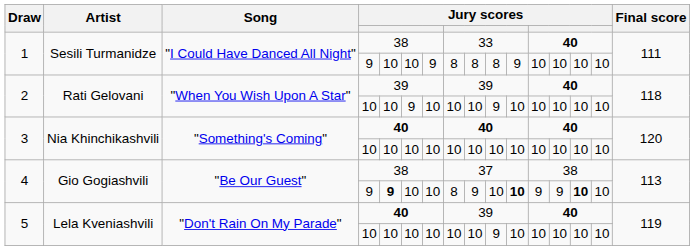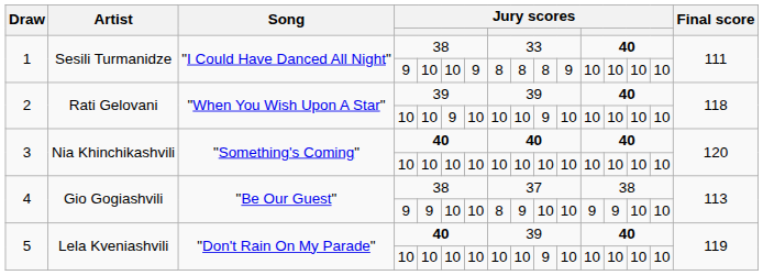 <table class="sortable wikitable" style="text-align:center;margin:1em auto 1em auto">
 <tr>
 <th scope="col" rowspan="2">Draw</th>
 <th scope="col" rowspan="2">Artist</th>
 <th scope="col" rowspan="2">Song</th>
 <th scope="col" colspan="12">Jury scores</th>
 <th scope="col" rowspan="2">Final score</th>
 </tr>
 <tr>
 <th scope="col" colspan="4" class="unsortable"><small></small></th>
 <th scope="col" colspan="4" class="unsortable"><small></small></th>
 <th scope="col" colspan="4" class="unsortable"><small></small></th>
 </tr>
 <tr>
 <td rowspan="2">1</td>
 <td rowspan="2">Sesili Turmanidze</td>
 <td rowspan="2">"<a href='#'>I Could Have Danced All Night</a>"<br></td>
 <td colspan="4">38</td>
 <td colspan="4">33</td>
 <td colspan="4"><strong>40</strong></td>
 <td rowspan="2">111</td>
 </tr>
 <tr>
 <td>9</td>
 <td>10</td>
 <td>10</td>
 <td>9</td>
 <td>8</td>
 <td>8</td>
 <td>8</td>
 <td>9</td>
 <td>10</td>
 <td>10</td>
 <td>10</td>
 <td>10</td>
 </tr>
 <tr>
 <td rowspan="2">2</td>
 <td rowspan="2">Rati Gelovani</td>
 <td rowspan="2">"<a href='#'>When You Wish Upon A Star</a>"<br></td>
 <td colspan="4">39</td>
 <td colspan="4">39</td>
 <td colspan="4"><strong>40</strong></td>
 <td rowspan="2">118</td>
 </tr>
 <tr>
 <td>10</td>
 <td>10</td>
 <td>9</td>
 <td>10</td>
 <td>10</td>
 <td>10</td>
 <td>9</td>
 <td>10</td>
 <td>10</td>
 <td>10</td>
 <td>10</td>
 <td>10</td>
 </tr>
 <tr>
 <td rowspan="2">3</td>
 <td rowspan="2">Nia Khinchikashvili</td>
 <td rowspan="2">"<a href='#'>Something's Coming</a>"<br></td>
 <td colspan="4"><strong>40</strong></td>
 <td colspan="4"><strong>40</strong></td>
 <td colspan="4"><strong>40</strong></td>
 <td rowspan="2">120</td>
 </tr>
 <tr>
 <td>10</td>
 <td>10</td>
 <td>10</td>
 <td>10</td>
 <td>10</td>
 <td>10</td>
 <td>10</td>
 <td>10</td>
 <td>10</td>
 <td>10</td>
 <td>10</td>
 <td>10</td>
 </tr>
 <tr>
 <td rowspan="2">4</td>
 <td rowspan="2">Gio Gogiashvili</td>
 <td rowspan="2">"<a href='#'>Be Our Guest</a>"<br></td>
 <td colspan="4">38</td>
 <td colspan="4">37</td>
 <td colspan="4">38</td>
 <td rowspan="2">113</td>
 </tr>
 <tr>
 <td>9</td>
-<td><strong>9</strong></td>
+<td>9</td>
 <td>10</td>
 <td>10</td>
 <td>8</td>
 <td>9</td>
 <td>10</td>
-<td><strong>10</strong></td>
+<td>10</td>
 <td>9</td>
 <td>9</td>
-<td><strong>10</strong></td>
+<td>10</td>
 <td>10</td>
 </tr>
 <tr>
 <td rowspan="2">5</td>
 <td rowspan="2">Lela Kveniashvili</td>
 <td rowspan="2">"<a href='#'>Don't Rain On My Parade</a>"<br></td>
 <td colspan="4"><strong>40</strong></td>
 <td colspan="4">39</td>
 <td colspan="4"><strong>40</strong></td>
 <td rowspan="2">119</td>
 </tr>
 <tr>
 <td>10</td>
 <td>10</td>
 <td>10</td>
 <td>10</td>
 <td>10</td>
 <td>10</td>
 <td>9</td>
 <td>10</td>
 <td>10</td>
 <td>10</td>
 <td>10</td>
 <td>10</td>
 </tr>
 </table>
